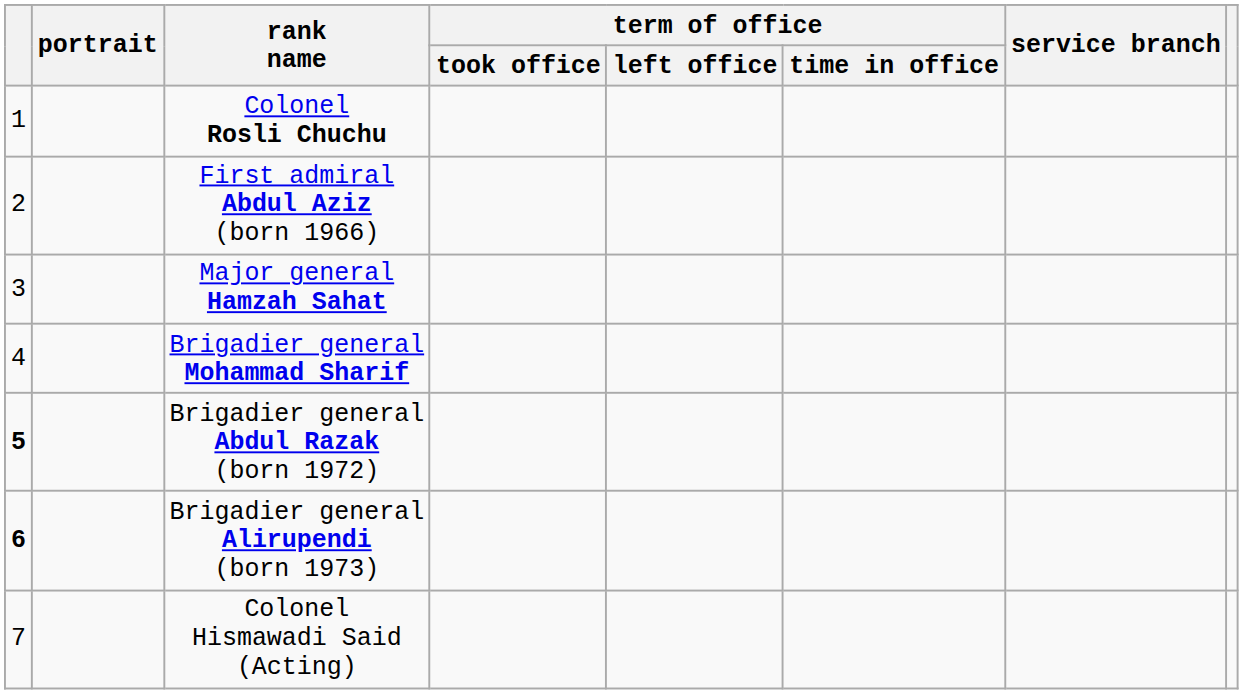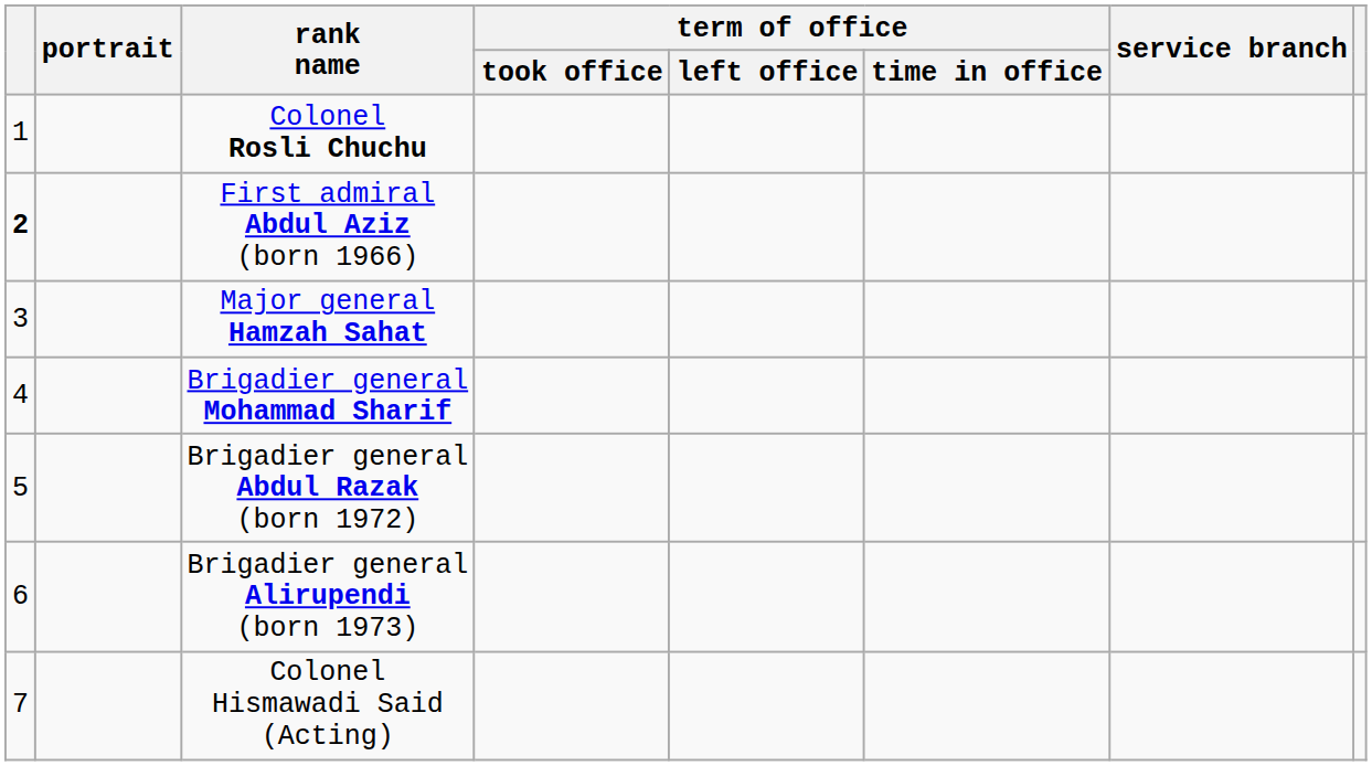 <table class="wikitable sortable" style=text-align:center>
 <tr>
 <th rowspan=2></th>
 <th rowspan=2>portrait</th>
 <th rowspan=2>rank<br>name<br></th>
 <th colspan=3>term of office</th>
 <th rowspan=2>service branch</th>
 <th rowspan=2></th>
 </tr>
 <tr>
 <th>took office</th>
 <th>left office</th>
 <th>time in office</th>
 </tr>
 <tr>
 <td>1</td>
 <td></td>
 <td><a href='#'>Colonel</a><br><strong>Rosli Chuchu</strong></td>
 <td></td>
 <td></td>
 <td></td>
 <td></td>
 <td></td>
 </tr>
 <tr>
-<td>2</td>
+<td><strong>2</strong></td>
 <td></td>
 <td><a href='#'>First admiral</a><br><strong><a href='#'>Abdul Aziz</a></strong><br>(born 1966)</td>
 <td></td>
 <td></td>
 <td></td>
 <td></td>
 <td></td>
 </tr>
 <tr>
 <td>3</td>
 <td></td>
 <td><a href='#'>Major general</a><br><strong><a href='#'>Hamzah Sahat</a></strong></td>
 <td></td>
 <td></td>
 <td></td>
 <td></td>
 <td></td>
 </tr>
 <tr>
 <td>4</td>
 <td></td>
 <td><a href='#'>Brigadier general</a><br><strong><a href='#'>Mohammad Sharif</a></strong></td>
 <td></td>
 <td></td>
 <td></td>
 <td></td>
 <td></td>
 </tr>
 <tr>
-<td><strong>5</strong></td>
+<td>5</td>
 <td></td>
 <td>Brigadier general<br><strong><a href='#'>Abdul Razak</a></strong><br>(born 1972)</td>
 <td></td>
 <td></td>
 <td></td>
 <td></td>
 <td></td>
 </tr>
 <tr>
-<td><strong>6</strong></td>
+<td>6</td>
 <td></td>
 <td>Brigadier general<br><strong><a href='#'>Alirupendi</a></strong><br>(born 1973)</td>
 <td></td>
 <td></td>
 <td></td>
 <td></td>
 <td></td>
 </tr>
 <tr>
 <td>7</td>
 <td></td>
 <td>Colonel<br>Hismawadi Said<br>(Acting)</td>
 <td></td>
 <td></td>
 <td></td>
 <td></td>
 <td></td>
 </tr>
 </table>
